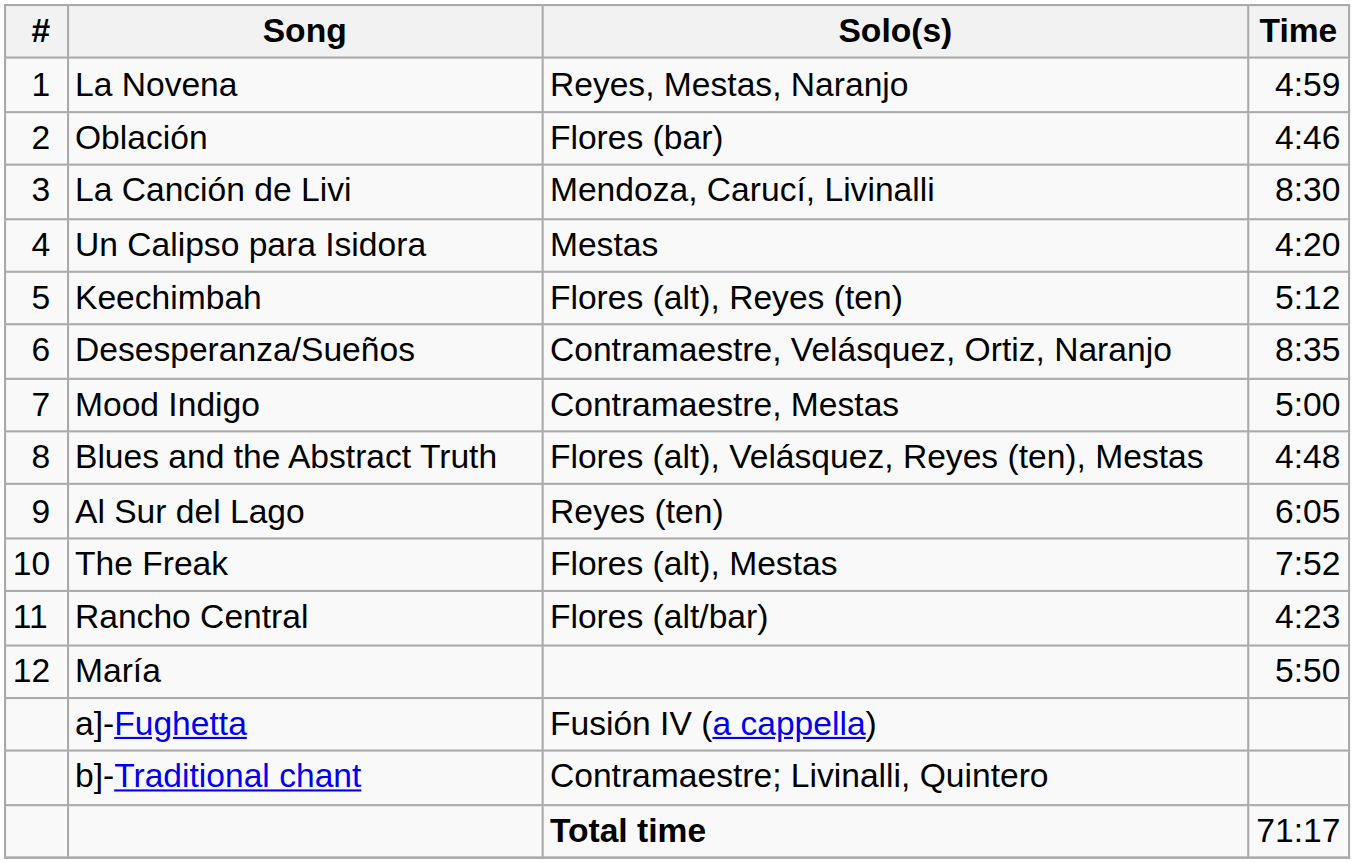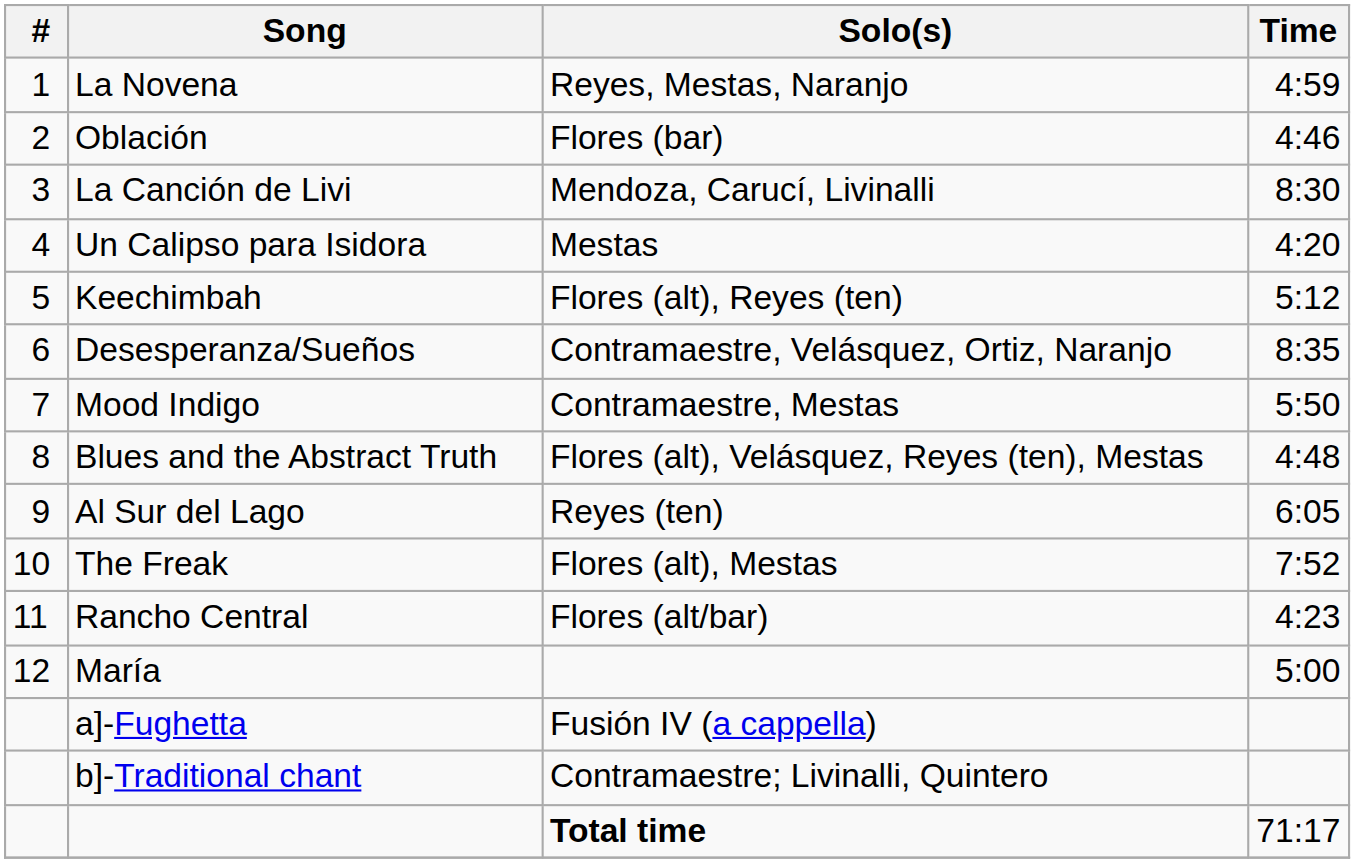 <table class="wikitable">
 <tr>
 <th>  # </th>
 <th>Song</th>
 <th>Solo(s)</th>
 <th>Time</th>
 </tr>
 <tr>
 <td>  1</td>
 <td>La Novena</td>
 <td>Reyes, Mestas, Naranjo</td>
 <td>  4:59</td>
 </tr>
 <tr>
 <td>  2</td>
 <td>Oblación</td>
 <td>Flores (bar)</td>
 <td>  4:46</td>
 </tr>
 <tr>
 <td>  3</td>
 <td>La Canción de Livi</td>
 <td>Mendoza, Carucí, Livinalli</td>
 <td>  8:30</td>
 </tr>
 <tr>
 <td>  4</td>
 <td>Un Calipso para Isidora</td>
 <td>Mestas</td>
 <td>  4:20</td>
 </tr>
 <tr>
 <td>  5</td>
 <td>Keechimbah</td>
 <td>Flores (alt), Reyes (ten)</td>
 <td>  5:12</td>
 </tr>
 <tr>
 <td>  6</td>
 <td>Desesperanza/Sueños</td>
 <td>Contramaestre, Velásquez, Ortiz, Naranjo</td>
 <td>  8:35</td>
 </tr>
 <tr>
 <td>  7</td>
 <td>Mood Indigo</td>
 <td>Contramaestre, Mestas</td>
-<td>  5:00</td>
+<td>  5:50</td>
 </tr>
 <tr>
 <td>  8</td>
 <td>Blues and the Abstract Truth     </td>
 <td>Flores (alt), Velásquez, Reyes (ten), Mestas    </td>
 <td>  4:48</td>
 </tr>
 <tr>
 <td>  9</td>
 <td>Al Sur del Lago</td>
 <td>Reyes (ten)</td>
 <td>  6:05</td>
 </tr>
 <tr>
 <td>10</td>
 <td>The Freak</td>
 <td>Flores (alt), Mestas</td>
 <td>  7:52</td>
 </tr>
 <tr>
 <td>11</td>
 <td>Rancho Central</td>
 <td>Flores (alt/bar)</td>
 <td>  4:23</td>
 </tr>
 <tr>
 <td>12</td>
 <td>María</td>
 <td></td>
-<td>  5:50</td>
+<td>  5:00</td>
 </tr>
 <tr>
 <td></td>
 <td>a]-<a href='#'>Fughetta</a></td>
 <td>Fusión IV (<a href='#'>a cappella</a>)</td>
 <td></td>
 </tr>
 <tr>
 <td></td>
 <td>b]-<a href='#'>Traditional chant</a></td>
 <td>Contramaestre; Livinalli, Quintero</td>
 </tr>
 <tr>
 <td></td>
 <td></td>
 <td><strong>Total time</strong></td>
 <td>71:17</td>
 </tr>
 <tr>
 </tr>
 </table>
